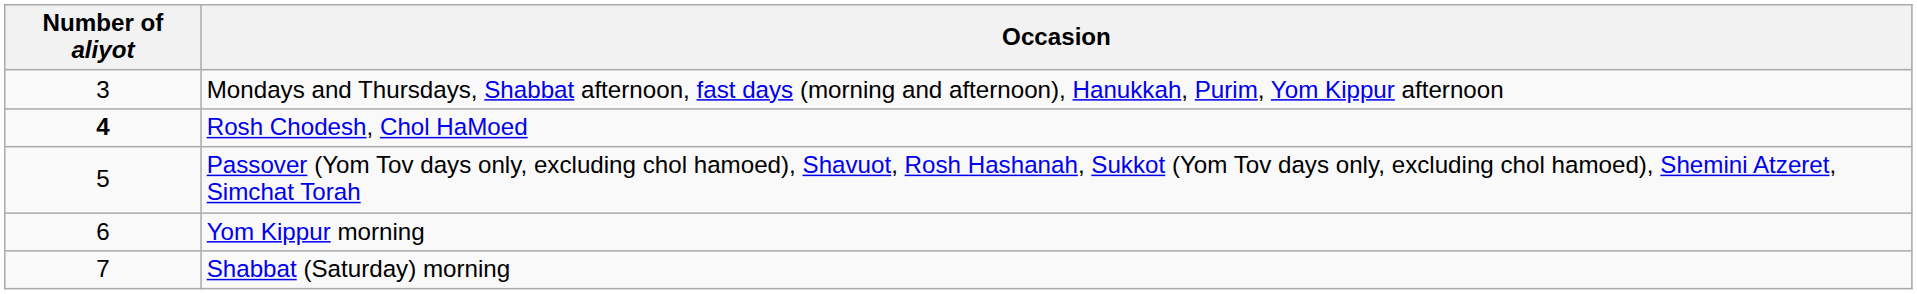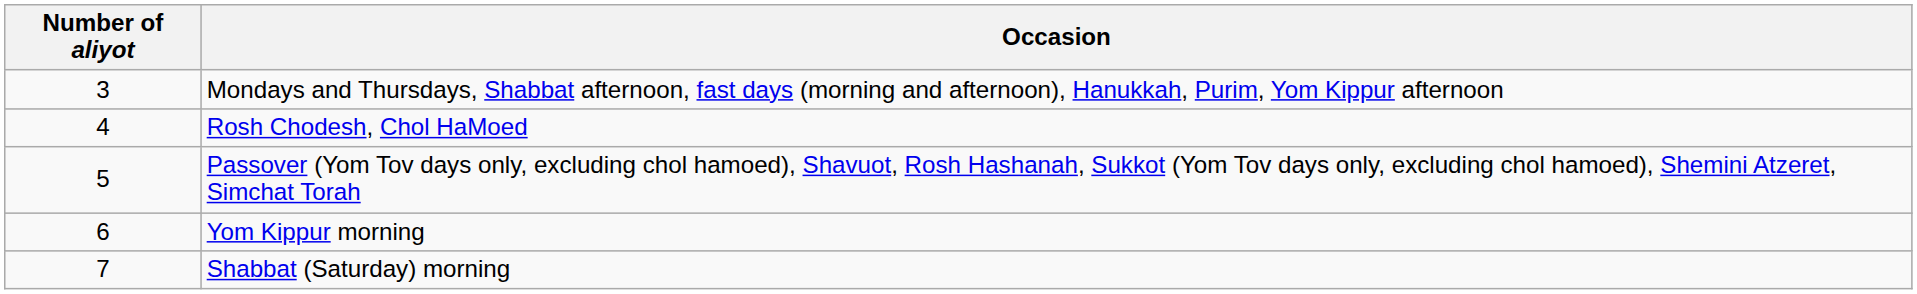 <table class= "wikitable" style="margin:10px auto;">
 <tr>
 <th>Number of <em>aliyot</em></th>
 <th>Occasion</th>
 </tr>
 <tr>
 <td align= center>3</td>
 <td>Mondays and Thursdays, <a href='#'>Shabbat</a> afternoon, <a href='#'>fast days</a> (morning and afternoon), <a href='#'>Hanukkah</a>, <a href='#'>Purim</a>, <a href='#'>Yom Kippur</a> afternoon</td>
 </tr>
 <tr>
-<td align= center><strong>4</strong></td>
+<td align= center>4</td>
 <td><a href='#'>Rosh Chodesh</a>, <a href='#'>Chol HaMoed</a></td>
 </tr>
 <tr>
 <td align= center>5</td>
 <td><a href='#'>Passover</a> (Yom Tov days only, excluding chol hamoed), <a href='#'>Shavuot</a>, <a href='#'>Rosh Hashanah</a>, <a href='#'>Sukkot</a> (Yom Tov days only, excluding chol hamoed), <a href='#'>Shemini Atzeret</a>, <a href='#'>Simchat Torah</a></td>
 </tr>
 <tr>
 <td align= center>6</td>
 <td><a href='#'>Yom Kippur</a> morning</td>
 </tr>
 <tr>
 <td align= center>7</td>
 <td><a href='#'>Shabbat</a> (Saturday) morning</td>
 </tr>
 </table>
